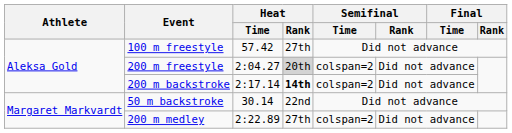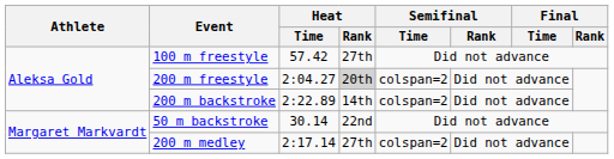 <table class=wikitable style="font-size:90%">
 <tr>
 <th rowspan=2>Athlete</th>
 <th rowspan=2>Event</th>
 <th colspan=2>Heat</th>
 <th colspan=2>Semifinal</th>
 <th colspan=2>Final</th>
 </tr>
 <tr style="font-size:95%">
 <th>Time</th>
 <th>Rank</th>
 <th>Time</th>
 <th>Rank</th>
 <th>Time</th>
 <th>Rank</th>
 </tr>
 <tr align=center>
 <td rowspan=3 align=left><a href='#'>Aleksa Gold</a></td>
 <td align=left><a href='#'>100 m freestyle</a></td>
 <td>57.42</td>
 <td>27th</td>
 <td colspan=4>Did not advance</td>
 </tr>
 <tr align=center>
 <td align=left><a href='#'>200 m freestyle</a></td>
 <td>2:04.27</td>
 <td style="background: lightgrey;">20th</td>
 <td>colspan=2 </td>
 <td colspan=2>Did not advance</td>
 </tr>
 <tr align=center>
 <td align=left><a href='#'>200 m backstroke</a></td>
-<td>2:17.14</td>
-<td><strong>14th</strong></td>
+<td>2:22.89</td>
+<td>14th</td>
 <td>colspan=2 </td>
 <td colspan=2>Did not advance</td>
 </tr>
 <tr align=center>
 <td rowspan=2 align=left><a href='#'>Margaret Markvardt</a></td>
 <td align=left><a href='#'>50 m backstroke</a></td>
 <td>30.14</td>
 <td>22nd</td>
 <td colspan=4>Did not advance</td>
 </tr>
 <tr align=center>
 <td align=left><a href='#'>200 m medley</a></td>
-<td>2:22.89</td>
+<td>2:17.14</td>
 <td>27th</td>
 <td>colspan=2 </td>
 <td colspan=2>Did not advance</td>
 </tr>
 </table>
